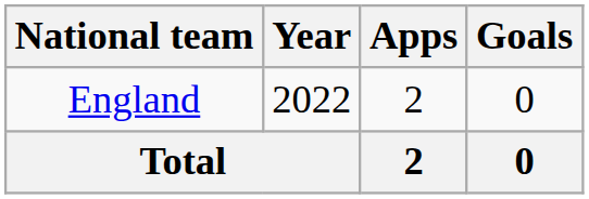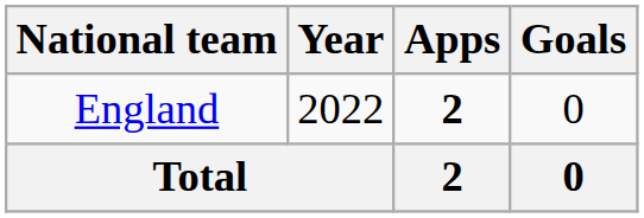 <table class=wikitable style=text-align:center>
 <tr>
 <th>National team</th>
 <th>Year</th>
 <th>Apps</th>
 <th>Goals</th>
 </tr>
 <tr>
 <td><a href='#'>England</a></td>
 <td>2022</td>
-<td>2</td>
+<td><strong>2</strong></td>
 <td>0</td>
 </tr>
 <tr>
 <th colspan=2>Total</th>
 <th>2</th>
 <th>0</th>
 </tr>
 </table>
